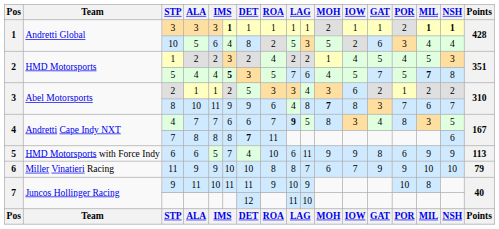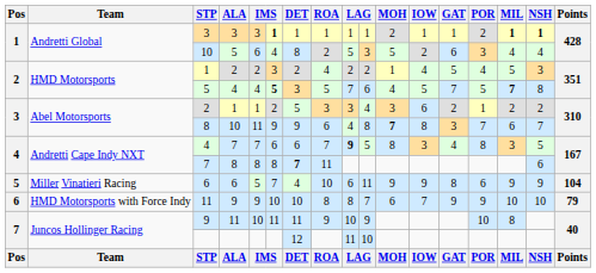 <table class="wikitable" style="font-size:85%; text-align:center">
 <tr>
 <th>Pos</th>
 <th>Team</th>
 <th><a href='#'>STP</a></th>
 <th><a href='#'>ALA</a></th>
 <th colspan="2"><a href='#'>IMS</a></th>
 <th><a href='#'>DET</a></th>
 <th><a href='#'>ROA</a></th>
 <th colspan="2"><a href='#'>LAG</a></th>
 <th><a href='#'>MOH</a></th>
 <th><a href='#'>IOW</a></th>
 <th><a href='#'>GAT</a></th>
 <th><a href='#'>POR</a></th>
 <th><a href='#'>MIL</a></th>
 <th><a href='#'>NSH</a></th>
 <th>Points</th>
 </tr>
 <tr>
 <th rowspan="2">1</th>
 <td rowspan="2" align="left"><a href='#'>Andretti Global</a></td>
 <td style="background:#FFDF9F;">3</td>
 <td style="background:#FFDF9F;">3</td>
 <td style="background:#FFDF9F;">3</td>
 <td style="background:#FFFFBF;"><strong>1</strong></td>
 <td style="background:#FFFFBF;">1</td>
 <td style="background:#FFFFBF;">1</td>
 <td style="background:#FFFFBF;">1</td>
 <td style="background:#FFFFBF;">1</td>
 <td style="background:#DFDFDF;">2</td>
 <td style="background:#FFFFBF;">1</td>
 <td style="background:#FFFFBF;">1</td>
 <td style="background:#DFDFDF;">2</td>
 <td style="background:#FFFFBF;"><strong>1</strong></td>
 <td style="background:#FFFFBF;"><strong>1</strong></td>
 <th rowspan="2">428</th>
 </tr>
 <tr>
 <td style="background:#CFEAFF;">10</td>
 <td style="background:#DFFFDF;">5</td>
 <td style="background:#CFEAFF;">6</td>
 <td style="background:#DFFFDF;">4</td>
 <td style="background:#CFEAFF;">8</td>
 <td style="background:#DFDFDF;">2</td>
 <td style="background:#DFFFDF;">5</td>
 <td style="background:#FFDF9F;">3</td>
 <td style="background:#DFFFDF;">5</td>
 <td style="background:#DFDFDF;">2</td>
 <td style="background:#CFEAFF;">6</td>
 <td style="background:#FFDF9F;">3</td>
 <td style="background:#DFFFDF;">4</td>
 <td style="background:#DFFFDF;">4</td>
 </tr>
 <tr>
 <th rowspan="2">2</th>
 <td rowspan="2" align="left"><a href='#'>HMD Motorsports</a></td>
 <td style="background:#FFFFBF;">1</td>
 <td style="background:#DFDFDF;">2</td>
 <td style="background:#DFDFDF;">2</td>
 <td style="background:#FFDF9F;">3</td>
 <td style="background:#DFDFDF;">2</td>
 <td style="background:#DFFFDF;">4</td>
 <td style="background:#DFDFDF;">2</td>
 <td style="background:#DFDFDF;">2</td>
 <td style="background:#FFFFBF;">1</td>
 <td style="background:#DFFFDF;">4</td>
 <td style="background:#DFFFDF;">5</td>
 <td style="background:#DFFFDF;">4</td>
 <td style="background:#DFFFDF;">5</td>
 <td style="background:#FFDF9F;">3</td>
 <th rowspan="2">351</th>
 </tr>
 <tr>
 <td style="background:#DFFFDF;">5</td>
 <td style="background:#DFFFDF;">4</td>
 <td style="background:#DFFFDF;">4</td>
 <td style="background:#DFFFDF;"><strong>5</strong></td>
 <td style="background:#FFDF9F;">3</td>
 <td style="background:#DFFFDF;">5</td>
 <td style="background:#CFEAFF;">7</td>
 <td style="background:#CFEAFF;">6</td>
 <td style="background:#DFFFDF;">4</td>
 <td style="background:#DFFFDF;">5</td>
 <td style="background:#CFEAFF;">7</td>
 <td style="background:#DFFFDF;">5</td>
 <td style="background:#CFEAFF;"><strong>7</strong></td>
 <td style="background:#CFEAFF;">8</td>
 </tr>
 <tr>
 <th rowspan="2">3</th>
 <td rowspan="2" align="left"><a href='#'>Abel Motorsports</a></td>
 <td style="background:#DFDFDF;">2</td>
 <td style="background:#FFFFBF;">1</td>
 <td style="background:#FFFFBF;">1</td>
 <td style="background:#DFDFDF;">2</td>
 <td style="background:#DFFFDF;">5</td>
 <td style="background:#FFDF9F;">3</td>
 <td style="background:#FFDF9F;">3</td>
 <td style="background:#DFFFDF;">4</td>
 <td style="background:#FFDF9F;">3</td>
 <td style="background:#CFEAFF;">6</td>
 <td style="background:#DFDFDF;">2</td>
 <td style="background:#FFFFBF;">1</td>
 <td style="background:#DFDFDF;">2</td>
 <td style="background:#DFDFDF;">2</td>
 <th rowspan="2">310</th>
 </tr>
 <tr>
 <td style="background:#CFEAFF;">8</td>
 <td style="background:#CFEAFF;">10</td>
 <td style="background:#CFEAFF;">11</td>
 <td style="background:#CFEAFF;">9</td>
 <td style="background:#CFEAFF;">9</td>
 <td style="background:#CFEAFF;">6</td>
 <td style="background:#DFFFDF;">4</td>
 <td style="background:#CFEAFF;">8</td>
 <td style="background:#CFEAFF;"><strong>7</strong></td>
 <td style="background:#CFEAFF;">8</td>
 <td style="background:#FFDF9F;">3</td>
 <td style="background:#CFEAFF;">7</td>
 <td style="background:#CFEAFF;">6</td>
 <td style="background:#CFEAFF;">7</td>
 </tr>
 <tr>
 <th rowspan="2">4</th>
 <td rowspan="2" align="left"><a href='#'>Andretti</a> <a href='#'>Cape Indy NXT</a></td>
 <td style="background:#DFFFDF;">4</td>
 <td style="background:#CFEAFF;">7</td>
 <td style="background:#CFEAFF;">7</td>
 <td style="background:#CFEAFF;">6</td>
 <td style="background:#CFEAFF;">6</td>
 <td style="background:#CFEAFF;">7</td>
 <td style="background:#CFEAFF;"><strong>9</strong></td>
 <td style="background:#DFFFDF;">5</td>
 <td style="background:#CFEAFF;">8</td>
 <td style="background:#FFDF9F;">3</td>
 <td style="background:#DFFFDF;">4</td>
 <td style="background:#CFEAFF;">8</td>
 <td style="background:#FFDF9F;">3</td>
 <td style="background:#DFFFDF;">5</td>
 <th rowspan="2">167</th>
 </tr>
 <tr>
 <td style="background:#CFEAFF;">7</td>
 <td style="background:#CFEAFF;">8</td>
 <td style="background:#CFEAFF;">8</td>
 <td style="background:#CFEAFF;">8</td>
 <td style="background:#CFEAFF;"><strong>7</strong></td>
 <td style="background:#CFEAFF;">11</td>
 <td></td>
 <td></td>
 <td></td>
 <td></td>
 <td></td>
 <td></td>
 <td></td>
 <td style="background:#CFEAFF;">6</td>
 </tr>
 <tr>
 <th>5</th>
-<td align="left"><a href='#'>HMD Motorsports</a> with Force Indy</td>
+<td align="left"><a href='#'>Miller</a> <a href='#'>Vinatieri</a> Racing</td>
 <td style="background:#CFEAFF;">6</td>
 <td style="background:#CFEAFF;">6</td>
 <td style="background:#DFFFDF;">5</td>
 <td style="background:#CFEAFF;">7</td>
 <td style="background:#DFFFDF;">4</td>
 <td style="background:#CFEAFF;">10</td>
 <td style="background:#CFEAFF;">6</td>
 <td style="background:#CFEAFF;">11</td>
 <td style="background:#CFEAFF;">9</td>
 <td style="background:#CFEAFF;">9</td>
 <td style="background:#CFEAFF;">8</td>
 <td style="background:#CFEAFF;">6</td>
 <td style="background:#CFEAFF;">9</td>
 <td style="background:#CFEAFF;">9</td>
-<th>113</th>
+<th>104</th>
 </tr>
 <tr>
 <th>6</th>
-<td align="left"><a href='#'>Miller</a> <a href='#'>Vinatieri</a> Racing</td>
+<td align="left"><a href='#'>HMD Motorsports</a> with Force Indy</td>
 <td style="background:#CFEAFF;">11</td>
 <td style="background:#CFEAFF;">9</td>
 <td style="background:#CFEAFF;">9</td>
 <td style="background:#CFEAFF;">10</td>
 <td style="background:#CFEAFF;">10</td>
 <td style="background:#CFEAFF;">8</td>
 <td style="background:#CFEAFF;">8</td>
 <td style="background:#CFEAFF;">7</td>
 <td style="background:#CFEAFF;">6</td>
 <td style="background:#CFEAFF;">7</td>
 <td style="background:#CFEAFF;">9</td>
 <td style="background:#CFEAFF;">9</td>
 <td style="background:#CFEAFF;">10</td>
 <td style="background:#CFEAFF;">10</td>
 <th>79</th>
 </tr>
 <tr>
 <th rowspan="2">7</th>
 <td rowspan="2" align="left"><a href='#'>Juncos Hollinger Racing</a></td>
 <td style="background:#CFEAFF;">9</td>
 <td style="background:#CFEAFF;">11</td>
 <td style="background:#CFEAFF;">10</td>
 <td style="background:#CFEAFF;">11</td>
 <td style="background:#CFEAFF;">11</td>
 <td style="background:#CFEAFF;">9</td>
 <td style="background:#CFEAFF;">10</td>
 <td style="background:#CFEAFF;">9</td>
 <td></td>
 <td></td>
 <td></td>
 <td style="background:#CFEAFF;">10</td>
 <td style="background:#CFEAFF;">8</td>
 <td></td>
 <th rowspan="2">40</th>
 </tr>
 <tr>
 <td></td>
 <td></td>
 <td></td>
 <td></td>
 <td style="background:#CFEAFF;">12</td>
 <td></td>
 <td style="background:#CFEAFF;">11</td>
 <td style="background:#CFEAFF;">10</td>
 <td></td>
 <td></td>
 <td></td>
 <td></td>
 <td></td>
 <td></td>
 </tr>
 <tr>
 <th>Pos</th>
 <th>Team</th>
 <th><a href='#'>STP</a></th>
 <th><a href='#'>ALA</a></th>
 <th colspan="2"><a href='#'>IMS</a></th>
 <th><a href='#'>DET</a></th>
 <th><a href='#'>ROA</a></th>
 <th colspan="2"><a href='#'>LAG</a></th>
 <th><a href='#'>MOH</a></th>
 <th><a href='#'>IOW</a></th>
 <th><a href='#'>GAT</a></th>
 <th><a href='#'>POR</a></th>
 <th><a href='#'>MIL</a></th>
 <th><a href='#'>NSH</a></th>
 <th>Points</th>
 </tr>
 </table>
